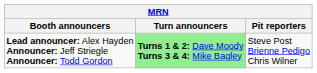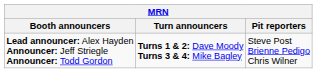 <table class="wikitable" style="font-size: 95%;">
 <tr>
 <th colspan="3"><a href='#'>MRN</a></th>
 </tr>
 <tr>
 <th>Booth announcers</th>
 <th>Turn announcers</th>
 <th>Pit reporters</th>
 </tr>
 <tr>
 <td><strong>Lead announcer:</strong> Alex Hayden<br><strong>Announcer:</strong> Jeff Striegle<br><strong>Announcer:</strong> <a href='#'>Todd Gordon</a></td>
-<td style="background: lightgreen;"><strong>Turns 1 & 2: </strong><a href='#'>Dave Moody</a><br><strong>Turns 3 & 4: </strong><a href='#'>Mike Bagley</a></td>
+<td><strong>Turns 1 & 2: </strong><a href='#'>Dave Moody</a><br><strong>Turns 3 & 4: </strong><a href='#'>Mike Bagley</a></td>
 <td>Steve Post<br><a href='#'>Brienne Pedigo</a><br>Chris Wilner</td>
 </tr>
 </table>
